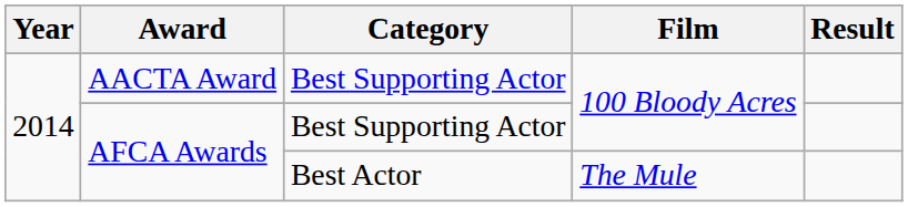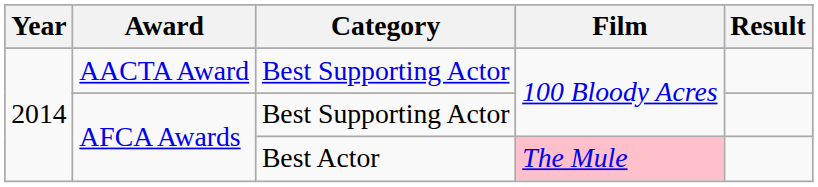 <table class="wikitable">
 <tr>
 <th>Year</th>
 <th>Award</th>
 <th>Category</th>
 <th>Film</th>
 <th>Result</th>
 </tr>
 <tr>
 <td rowspan="3">2014</td>
 <td><a href='#'>AACTA Award</a></td>
 <td><a href='#'>Best Supporting Actor</a></td>
 <td rowspan="2"><em><a href='#'>100 Bloody Acres</a></em></td>
 <td></td>
 </tr>
 <tr>
 <td rowspan="2"><a href='#'>AFCA Awards</a></td>
 <td>Best Supporting Actor</td>
 <td></td>
 </tr>
 <tr>
 <td>Best Actor</td>
-<td><em><a href='#'>The Mule</a></em></td>
+<td style="background: pink;"><em><a href='#'>The Mule</a></em></td>
 <td></td>
 </tr>
 </table>
